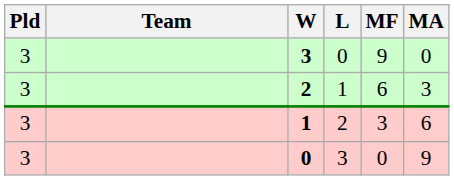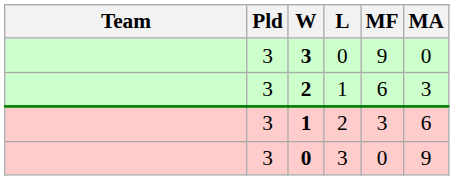 <table class=wikitable style="text-align:center">
 <tr>
+<th width=175>Team</th>
 <th width=20>Pld</th>
-<th width=175>Team</th>
 <th width=20>W</th>
 <th width=20>L</th>
 <th width=20>MF</th>
 <th width=20>MA</th>
 </tr>
 <tr bgcolor=ccffcc>
+<td style="text-align:left"></td>
 <td>3</td>
-<td style="text-align:left"></td>
 <td><strong>3</strong></td>
 <td>0</td>
 <td>9</td>
 <td>0</td>
 </tr>
 <tr bgcolor=ccffcc style="border-bottom:2px solid green;">
+<td style="text-align:left"></td>
 <td>3</td>
-<td style="text-align:left"></td>
 <td><strong>2</strong></td>
 <td>1</td>
 <td>6</td>
 <td>3</td>
 </tr>
 <tr bgcolor=ffcccc>
+<td style="text-align:left"></td>
 <td>3</td>
-<td style="text-align:left"></td>
 <td><strong>1</strong></td>
 <td>2</td>
 <td>3</td>
 <td>6</td>
 </tr>
 <tr bgcolor=ffcccc>
+<td style="text-align:left"></td>
 <td>3</td>
-<td style="text-align:left"></td>
 <td><strong>0</strong></td>
 <td>3</td>
 <td>0</td>
 <td>9</td>
 </tr>
 </table>
